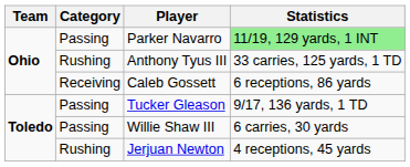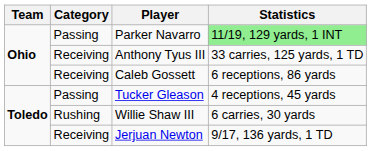 <table class="wikitable" style="float: right;">
 <tr>
 <th>Team</th>
 <th>Category</th>
 <th>Player</th>
 <th>Statistics</th>
 </tr>
 <tr>
 <td rowspan=3><strong>Ohio</strong></td>
 <td>Passing</td>
 <td>Parker Navarro</td>
 <td style="background: lightgreen;">11/19, 129 yards, 1 INT</td>
 </tr>
 <tr>
-<td>Rushing</td>
+<td>Receiving</td>
 <td>Anthony Tyus III</td>
 <td>33 carries, 125 yards, 1 TD</td>
 </tr>
 <tr>
 <td>Receiving</td>
 <td>Caleb Gossett</td>
 <td>6 receptions, 86 yards</td>
 </tr>
 <tr>
 <td rowspan=3><strong>Toledo</strong></td>
 <td>Passing</td>
 <td><a href='#'>Tucker Gleason</a></td>
-<td>9/17, 136 yards, 1 TD</td>
+<td>4 receptions, 45 yards</td>
 </tr>
 <tr>
-<td>Passing</td>
+<td>Rushing</td>
 <td>Willie Shaw III</td>
 <td>6 carries, 30 yards</td>
 </tr>
 <tr>
-<td>Rushing</td>
+<td>Receiving</td>
 <td><a href='#'>Jerjuan Newton</a></td>
-<td>4 receptions, 45 yards</td>
+<td>9/17, 136 yards, 1 TD</td>
 </tr>
 </table>
